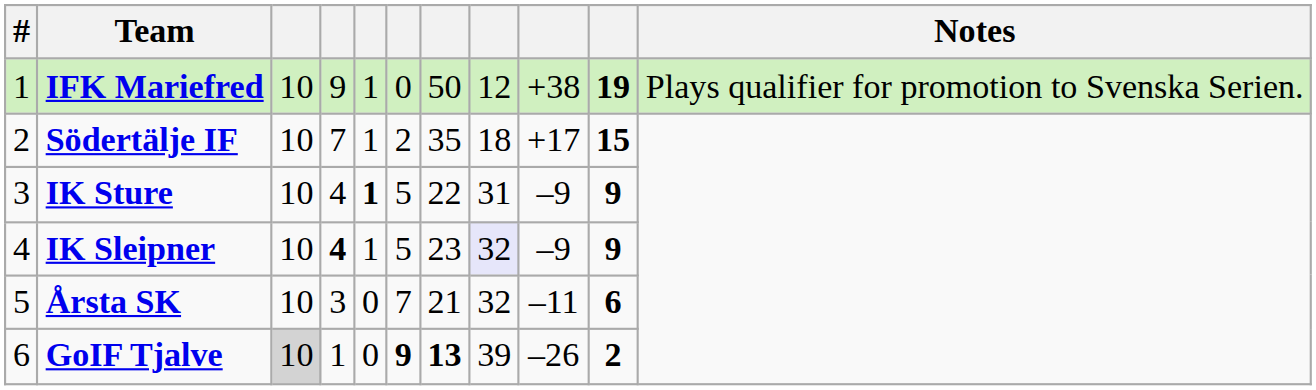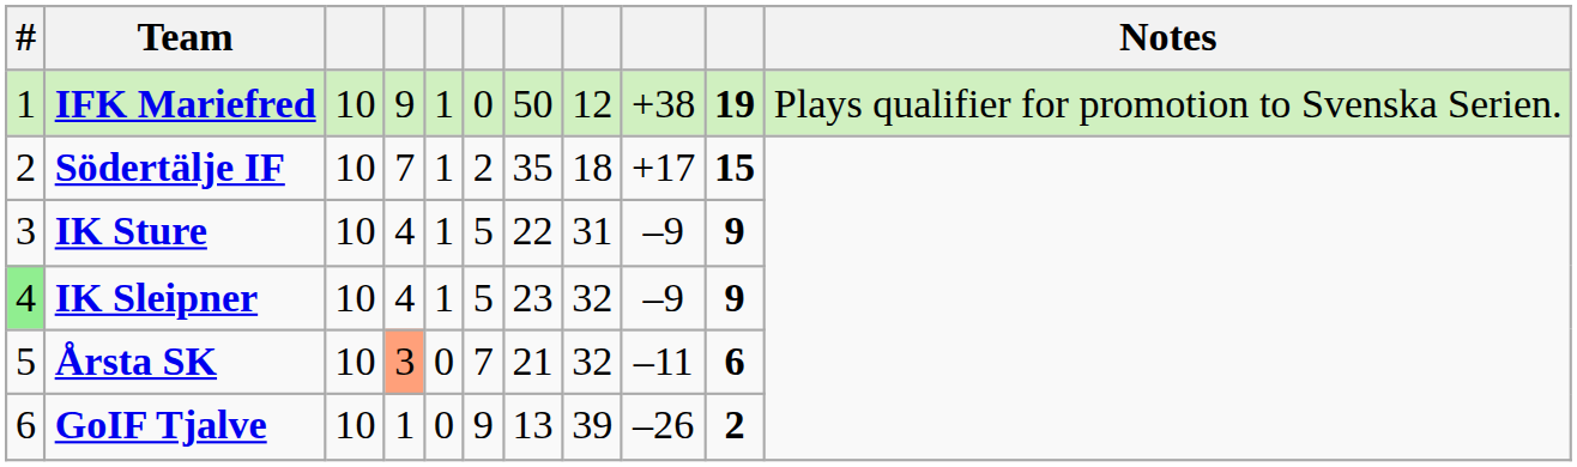 <table class="wikitable sortable">
 <tr>
 <th>#</th>
 <th>Team</th>
 <th></th>
 <th></th>
 <th></th>
 <th></th>
 <th></th>
 <th></th>
 <th></th>
 <th></th>
 <th>Notes</th>
 </tr>
 <tr style="background: #D0F0C0;">
 <td>1</td>
 <td><strong><a href='#'>IFK Mariefred</a></strong></td>
 <td style="text-align: center;">10</td>
 <td style="text-align: center;">9</td>
 <td style="text-align: center;">1</td>
 <td style="text-align: center;">0</td>
 <td style="text-align: center;">50</td>
 <td style="text-align: center;">12</td>
 <td style="text-align: center;">+38</td>
 <td style="text-align: center;"><strong>19</strong></td>
 <td>Plays qualifier for promotion to Svenska Serien.</td>
 </tr>
 <tr>
 <td>2</td>
 <td><strong><a href='#'>Södertälje IF</a></strong></td>
 <td style="text-align: center;">10</td>
 <td style="text-align: center;">7</td>
 <td style="text-align: center;">1</td>
 <td style="text-align: center;">2</td>
 <td style="text-align: center;">35</td>
 <td style="text-align: center;">18</td>
 <td style="text-align: center;">+17</td>
 <td style="text-align: center;"><strong>15</strong></td>
 </tr>
 <tr>
 <td>3</td>
 <td><strong><a href='#'>IK Sture</a></strong></td>
 <td style="text-align: center;">10</td>
 <td style="text-align: center;">4</td>
-<td style="text-align: center;"><strong>1</strong></td>
+<td style="text-align: center;">1</td>
 <td style="text-align: center;">5</td>
 <td style="text-align: center;">22</td>
 <td style="text-align: center;">31</td>
 <td style="text-align: center;">–9</td>
 <td style="text-align: center;"><strong>9</strong></td>
 </tr>
 <tr>
-<td>4</td>
+<td style="background: lightgreen;">4</td>
 <td><strong><a href='#'>IK Sleipner</a></strong></td>
 <td style="text-align: center;">10</td>
-<td style="text-align: center;"><strong>4</strong></td>
+<td style="text-align: center;">4</td>
 <td style="text-align: center;">1</td>
 <td style="text-align: center;">5</td>
 <td style="text-align: center;">23</td>
-<td style="background: lavender; text-align: center;">32</td>
+<td style="text-align: center;">32</td>
 <td style="text-align: center;">–9</td>
 <td style="text-align: center;"><strong>9</strong></td>
 </tr>
 <tr>
 <td>5</td>
 <td><strong><a href='#'>Årsta SK</a></strong></td>
 <td style="text-align: center;">10</td>
-<td style="text-align: center;">3</td>
+<td style="background: lightsalmon; text-align: center;">3</td>
 <td style="text-align: center;">0</td>
 <td style="text-align: center;">7</td>
 <td style="text-align: center;">21</td>
 <td style="text-align: center;">32</td>
 <td style="text-align: center;">–11</td>
 <td style="text-align: center;"><strong>6</strong></td>
 </tr>
 <tr>
 <td>6</td>
 <td><strong><a href='#'>GoIF Tjalve</a></strong></td>
-<td style="background: lightgrey; text-align: center;">10</td>
+<td style="text-align: center;">10</td>
 <td style="text-align: center;">1</td>
 <td style="text-align: center;">0</td>
-<td style="text-align: center;"><strong>9</strong></td>
-<td style="text-align: center;"><strong>13</strong></td>
+<td style="text-align: center;">9</td>
+<td style="text-align: center;">13</td>
 <td style="text-align: center;">39</td>
 <td style="text-align: center;">–26</td>
 <td style="text-align: center;"><strong>2</strong></td>
 </tr>
 </table>
